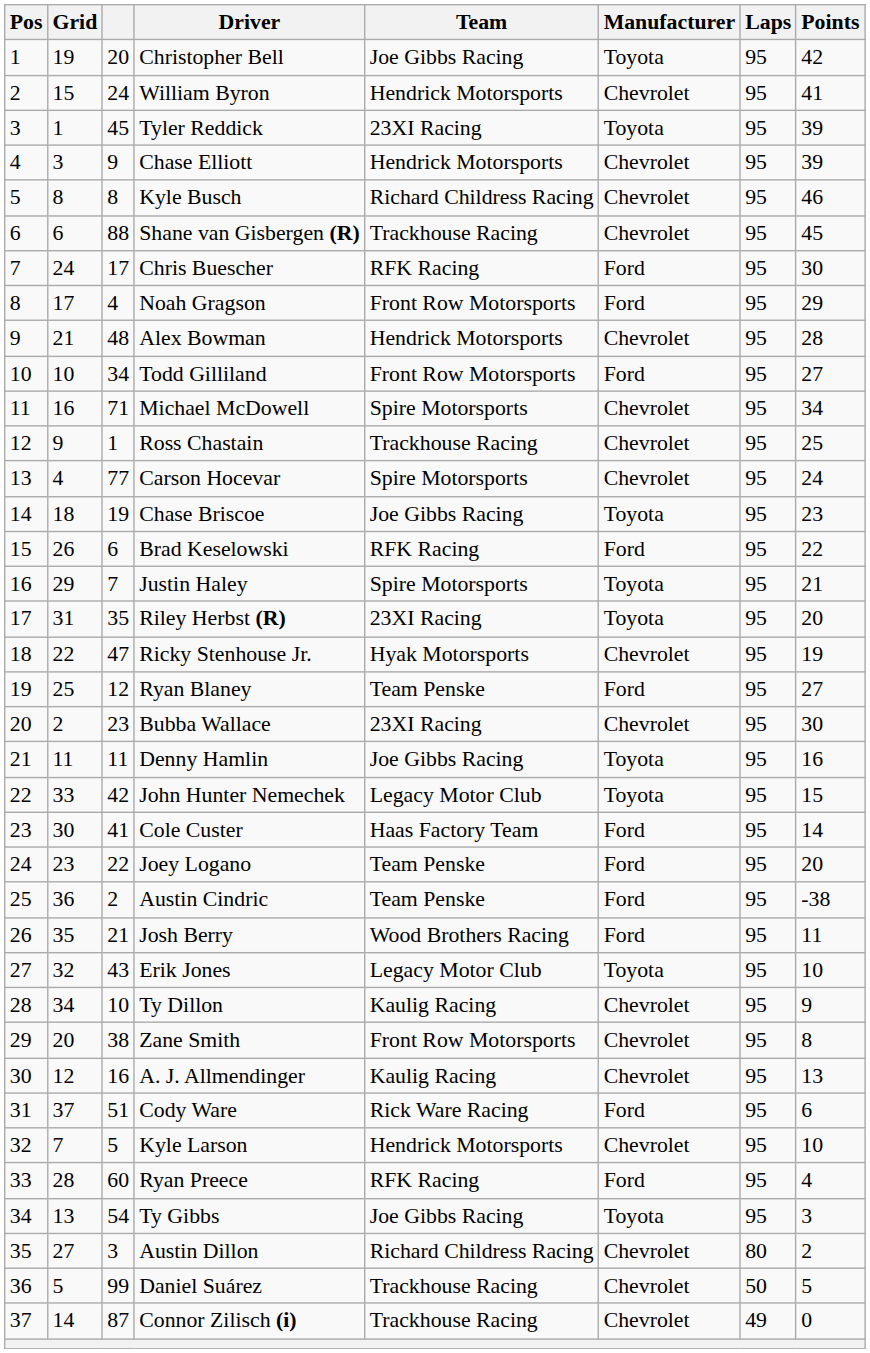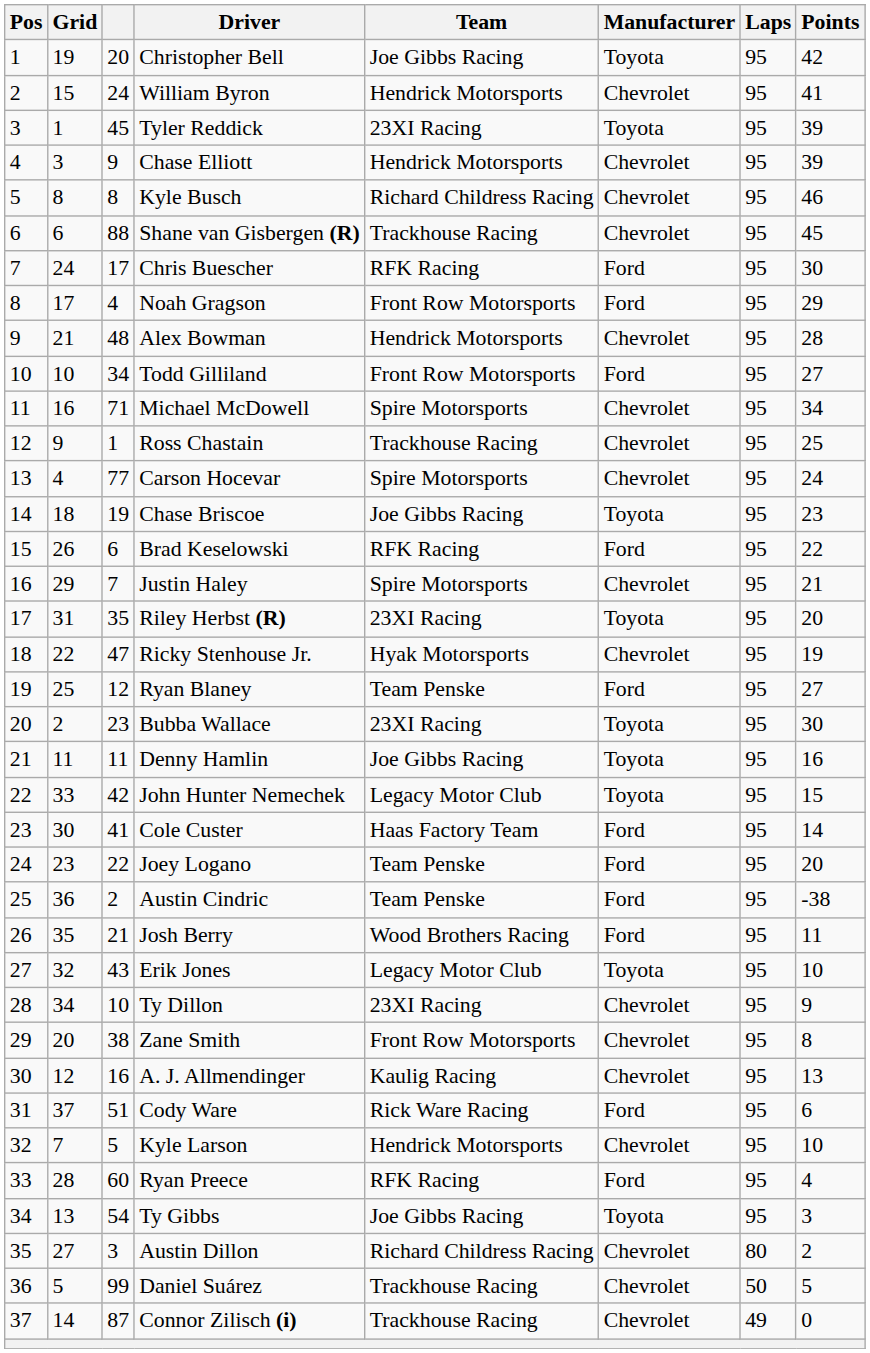 <table class="wikitable" style="font-size:98%">
 <tr>
 <th>Pos</th>
 <th>Grid</th>
 <th></th>
 <th>Driver</th>
 <th>Team</th>
 <th>Manufacturer</th>
 <th>Laps</th>
 <th>Points</th>
 </tr>
 <tr>
 <td>1</td>
 <td>19</td>
 <td>20</td>
 <td>Christopher Bell</td>
 <td>Joe Gibbs Racing</td>
 <td>Toyota</td>
 <td>95</td>
 <td>42</td>
 </tr>
 <tr>
 <td>2</td>
 <td>15</td>
 <td>24</td>
 <td>William Byron</td>
 <td>Hendrick Motorsports</td>
 <td>Chevrolet</td>
 <td>95</td>
 <td>41</td>
 </tr>
 <tr>
 <td>3</td>
 <td>1</td>
 <td>45</td>
 <td>Tyler Reddick</td>
 <td>23XI Racing</td>
 <td>Toyota</td>
 <td>95</td>
 <td>39</td>
 </tr>
 <tr>
 <td>4</td>
 <td>3</td>
 <td>9</td>
 <td>Chase Elliott</td>
 <td>Hendrick Motorsports</td>
 <td>Chevrolet</td>
 <td>95</td>
 <td>39</td>
 </tr>
 <tr>
 <td>5</td>
 <td>8</td>
 <td>8</td>
 <td>Kyle Busch</td>
 <td>Richard Childress Racing</td>
 <td>Chevrolet</td>
 <td>95</td>
 <td>46</td>
 </tr>
 <tr>
 <td>6</td>
 <td>6</td>
 <td>88</td>
 <td>Shane van Gisbergen <strong>(R)</strong></td>
 <td>Trackhouse Racing</td>
 <td>Chevrolet</td>
 <td>95</td>
 <td>45</td>
 </tr>
 <tr>
 <td>7</td>
 <td>24</td>
 <td>17</td>
 <td>Chris Buescher</td>
 <td>RFK Racing</td>
 <td>Ford</td>
 <td>95</td>
 <td>30</td>
 </tr>
 <tr>
 <td>8</td>
 <td>17</td>
 <td>4</td>
 <td>Noah Gragson</td>
 <td>Front Row Motorsports</td>
 <td>Ford</td>
 <td>95</td>
 <td>29</td>
 </tr>
 <tr>
 <td>9</td>
 <td>21</td>
 <td>48</td>
 <td>Alex Bowman</td>
 <td>Hendrick Motorsports</td>
 <td>Chevrolet</td>
 <td>95</td>
 <td>28</td>
 </tr>
 <tr>
 <td>10</td>
 <td>10</td>
 <td>34</td>
 <td>Todd Gilliland</td>
 <td>Front Row Motorsports</td>
 <td>Ford</td>
 <td>95</td>
 <td>27</td>
 </tr>
 <tr>
 <td>11</td>
 <td>16</td>
 <td>71</td>
 <td>Michael McDowell</td>
 <td>Spire Motorsports</td>
 <td>Chevrolet</td>
 <td>95</td>
 <td>34</td>
 </tr>
 <tr>
 <td>12</td>
 <td>9</td>
 <td>1</td>
 <td>Ross Chastain</td>
 <td>Trackhouse Racing</td>
 <td>Chevrolet</td>
 <td>95</td>
 <td>25</td>
 </tr>
 <tr>
 <td>13</td>
 <td>4</td>
 <td>77</td>
 <td>Carson Hocevar</td>
 <td>Spire Motorsports</td>
 <td>Chevrolet</td>
 <td>95</td>
 <td>24</td>
 </tr>
 <tr>
 <td>14</td>
 <td>18</td>
 <td>19</td>
 <td>Chase Briscoe</td>
 <td>Joe Gibbs Racing</td>
 <td>Toyota</td>
 <td>95</td>
 <td>23</td>
 </tr>
 <tr>
 <td>15</td>
 <td>26</td>
 <td>6</td>
 <td>Brad Keselowski</td>
 <td>RFK Racing</td>
 <td>Ford</td>
 <td>95</td>
 <td>22</td>
 </tr>
 <tr>
 <td>16</td>
 <td>29</td>
 <td>7</td>
 <td>Justin Haley</td>
 <td>Spire Motorsports</td>
-<td>Toyota</td>
+<td>Chevrolet</td>
 <td>95</td>
 <td>21</td>
 </tr>
 <tr>
 <td>17</td>
 <td>31</td>
 <td>35</td>
 <td>Riley Herbst <strong>(R)</strong></td>
 <td>23XI Racing</td>
 <td>Toyota</td>
 <td>95</td>
 <td>20</td>
 </tr>
 <tr>
 <td>18</td>
 <td>22</td>
 <td>47</td>
 <td>Ricky Stenhouse Jr.</td>
 <td>Hyak Motorsports</td>
 <td>Chevrolet</td>
 <td>95</td>
 <td>19</td>
 </tr>
 <tr>
 <td>19</td>
 <td>25</td>
 <td>12</td>
 <td>Ryan Blaney</td>
 <td>Team Penske</td>
 <td>Ford</td>
 <td>95</td>
 <td>27</td>
 </tr>
 <tr>
 <td>20</td>
 <td>2</td>
 <td>23</td>
 <td>Bubba Wallace</td>
 <td>23XI Racing</td>
-<td>Chevrolet</td>
+<td>Toyota</td>
 <td>95</td>
 <td>30</td>
 </tr>
 <tr>
 <td>21</td>
 <td>11</td>
 <td>11</td>
 <td>Denny Hamlin</td>
 <td>Joe Gibbs Racing</td>
 <td>Toyota</td>
 <td>95</td>
 <td>16</td>
 </tr>
 <tr>
 <td>22</td>
 <td>33</td>
 <td>42</td>
 <td>John Hunter Nemechek</td>
 <td>Legacy Motor Club</td>
 <td>Toyota</td>
 <td>95</td>
 <td>15</td>
 </tr>
 <tr>
 <td>23</td>
 <td>30</td>
 <td>41</td>
 <td>Cole Custer</td>
 <td>Haas Factory Team</td>
 <td>Ford</td>
 <td>95</td>
 <td>14</td>
 </tr>
 <tr>
 <td>24</td>
 <td>23</td>
 <td>22</td>
 <td>Joey Logano</td>
 <td>Team Penske</td>
 <td>Ford</td>
 <td>95</td>
 <td>20</td>
 </tr>
 <tr>
 <td>25</td>
 <td>36</td>
 <td>2</td>
 <td>Austin Cindric</td>
 <td>Team Penske</td>
 <td>Ford</td>
 <td>95</td>
 <td>-38</td>
 </tr>
 <tr>
 <td>26</td>
 <td>35</td>
 <td>21</td>
 <td>Josh Berry</td>
 <td>Wood Brothers Racing</td>
 <td>Ford</td>
 <td>95</td>
 <td>11</td>
 </tr>
 <tr>
 <td>27</td>
 <td>32</td>
 <td>43</td>
 <td>Erik Jones</td>
 <td>Legacy Motor Club</td>
 <td>Toyota</td>
 <td>95</td>
 <td>10</td>
 </tr>
 <tr>
 <td>28</td>
 <td>34</td>
 <td>10</td>
 <td>Ty Dillon</td>
-<td>Kaulig Racing</td>
+<td>23XI Racing</td>
 <td>Chevrolet</td>
 <td>95</td>
 <td>9</td>
 </tr>
 <tr>
 <td>29</td>
 <td>20</td>
 <td>38</td>
 <td>Zane Smith</td>
 <td>Front Row Motorsports</td>
 <td>Chevrolet</td>
 <td>95</td>
 <td>8</td>
 </tr>
 <tr>
 <td>30</td>
 <td>12</td>
 <td>16</td>
 <td>A. J. Allmendinger</td>
 <td>Kaulig Racing</td>
 <td>Chevrolet</td>
 <td>95</td>
 <td>13</td>
 </tr>
 <tr>
 <td>31</td>
 <td>37</td>
 <td>51</td>
 <td>Cody Ware</td>
 <td>Rick Ware Racing</td>
 <td>Ford</td>
 <td>95</td>
 <td>6</td>
 </tr>
 <tr>
 <td>32</td>
 <td>7</td>
 <td>5</td>
 <td>Kyle Larson</td>
 <td>Hendrick Motorsports</td>
 <td>Chevrolet</td>
 <td>95</td>
 <td>10</td>
 </tr>
 <tr>
 <td>33</td>
 <td>28</td>
 <td>60</td>
 <td>Ryan Preece</td>
 <td>RFK Racing</td>
 <td>Ford</td>
 <td>95</td>
 <td>4</td>
 </tr>
 <tr>
 <td>34</td>
 <td>13</td>
 <td>54</td>
 <td>Ty Gibbs</td>
 <td>Joe Gibbs Racing</td>
 <td>Toyota</td>
 <td>95</td>
 <td>3</td>
 </tr>
 <tr>
 <td>35</td>
 <td>27</td>
 <td>3</td>
 <td>Austin Dillon</td>
 <td>Richard Childress Racing</td>
 <td>Chevrolet</td>
 <td>80</td>
 <td>2</td>
 </tr>
 <tr>
 <td>36</td>
 <td>5</td>
 <td>99</td>
 <td>Daniel Suárez</td>
 <td>Trackhouse Racing</td>
 <td>Chevrolet</td>
 <td>50</td>
 <td>5</td>
 </tr>
 <tr>
 <td>37</td>
 <td>14</td>
 <td>87</td>
 <td>Connor Zilisch <strong>(i)</strong></td>
 <td>Trackhouse Racing</td>
 <td>Chevrolet</td>
 <td>49</td>
 <td>0</td>
 </tr>
 <tr>
 <th colspan="8"></th>
 </tr>
 </table>
